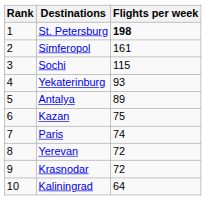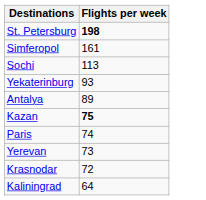 <table class="wikitable sortable" style="display:inline-table;">
 <tr>
-<th>Rank</th>
 <th>Destinations</th>
 <th>Flights per week</th>
 </tr>
 <tr>
-<td>1</td>
 <td><a href='#'>St. Petersburg</a></td>
 <td><strong>198</strong></td>
 </tr>
 <tr>
-<td>2</td>
 <td><a href='#'>Simferopol</a></td>
 <td>161</td>
 </tr>
 <tr>
-<td>3</td>
 <td><a href='#'>Sochi</a></td>
-<td>115</td>
+<td>113</td>
 </tr>
 <tr>
-<td>4</td>
 <td><a href='#'>Yekaterinburg</a></td>
 <td>93</td>
 </tr>
 <tr>
-<td>5</td>
 <td><a href='#'>Antalya</a></td>
 <td>89</td>
 </tr>
 <tr>
-<td>6</td>
 <td><a href='#'>Kazan</a></td>
-<td>75</td>
+<td><strong>75</strong></td>
 </tr>
 <tr>
-<td>7</td>
 <td><a href='#'>Paris</a></td>
 <td>74</td>
 </tr>
 <tr>
-<td>8</td>
 <td><a href='#'>Yerevan</a></td>
-<td>72</td>
+<td>73</td>
 </tr>
 <tr>
-<td>9</td>
 <td><a href='#'>Krasnodar</a></td>
 <td>72</td>
 </tr>
 <tr>
-<td>10</td>
 <td><a href='#'>Kaliningrad</a></td>
 <td>64</td>
 </tr>
 </table>
